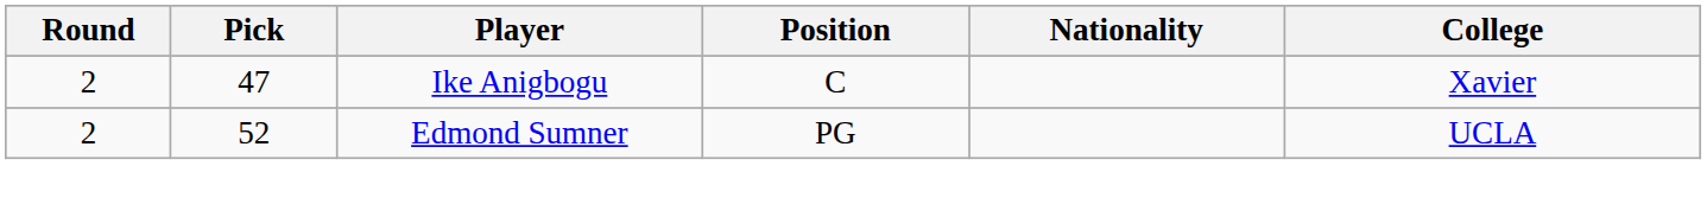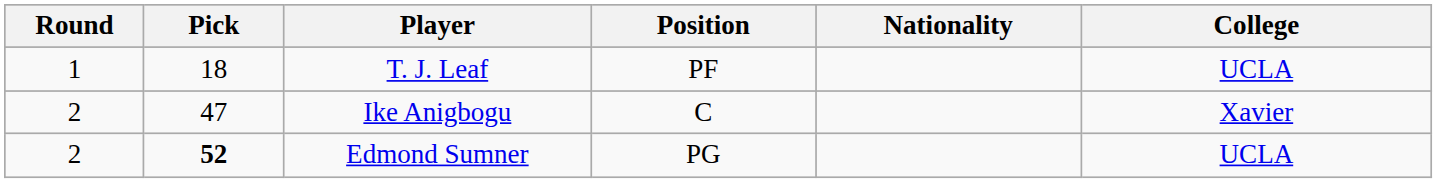 <table class="wikitable sortable sortable">
 <tr>
 <th width="75">Round</th>
 <th width="75">Pick</th>
 <th width="175">Player</th>
 <th width="125">Position</th>
 <th width="150">Nationality</th>
 <th width="200">College</th>
+</tr>
+<tr style="text-align: center">
+<td>1</td>
+<td>18</td>
+<td><a href='#'>T. J. Leaf</a></td>
+<td>PF</td>
+<td></td>
+<td><a href='#'>UCLA</a></td>
 </tr>
 <tr style="text-align: center">
 <td>2</td>
 <td>47</td>
 <td><a href='#'>Ike Anigbogu</a></td>
 <td>C</td>
 <td></td>
 <td><a href='#'>Xavier</a></td>
 </tr>
 <tr style="text-align: center">
 <td>2</td>
-<td>52</td>
+<td><strong>52</strong></td>
 <td><a href='#'>Edmond Sumner</a></td>
 <td>PG</td>
 <td></td>
 <td><a href='#'>UCLA</a></td>
 </tr>
 </table>
